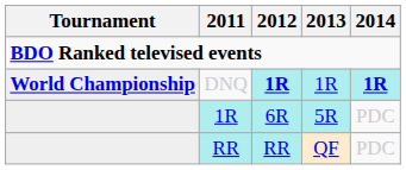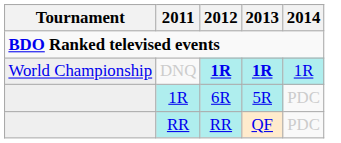 <table class="wikitable" style="margin:0">
 <tr>
 <th>Tournament</th>
 <th>2011</th>
 <th>2012</th>
 <th>2013</th>
 <th>2014</th>
 </tr>
 <tr>
 <td colspan="5" align="left"><strong><a href='#'>BDO</a> Ranked televised events</strong></td>
 </tr>
 <tr>
-<td style="background:#efefef;"><strong><a href='#'>World Championship</a></strong></td>
+<td style="background:#efefef;"><a href='#'>World Championship</a></td>
 <td style="text-align:center; color:#ccc;">DNQ</td>
 <td style="text-align:center; background:#afeeee;"><strong><a href='#'>1R</a></strong></td>
+<td style="text-align:center; background:#afeeee;"><strong><a href='#'>1R</a></strong></td>
 <td style="text-align:center; background:#afeeee;"><a href='#'>1R</a></td>
-<td style="text-align:center; background:#afeeee;"><strong><a href='#'>1R</a></strong></td>
 </tr>
 <tr>
 <td style="background:#efefef;"></td>
 <td style="text-align:center; background:#afeeee;"><a href='#'>1R</a></td>
 <td style="text-align:center; background:#afeeee;"><a href='#'>6R</a></td>
 <td style="text-align:center; background:#afeeee;"><a href='#'>5R</a></td>
 <td colspan="6" style="text-align:center; color:#ccc;">PDC</td>
 </tr>
 <tr>
 <td style="background:#efefef;"></td>
 <td style="text-align:center; background:#afeeee;"><a href='#'>RR</a></td>
 <td style="text-align:center; background:#afeeee;"><a href='#'>RR</a></td>
 <td style="text-align:center; background:#ffebcd;"><a href='#'>QF</a></td>
 <td colspan="6" style="text-align:center; color:#ccc;">PDC</td>
 </tr>
 </table>
